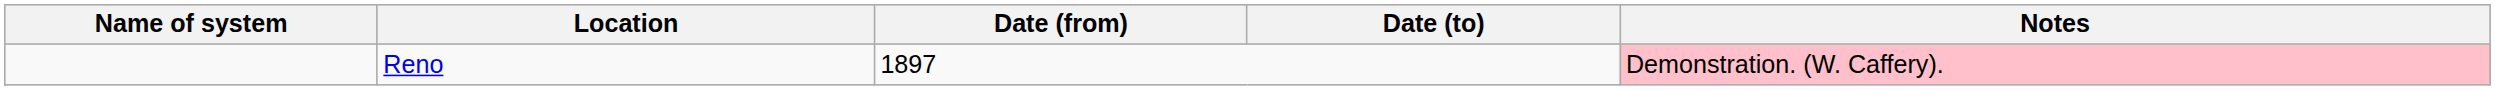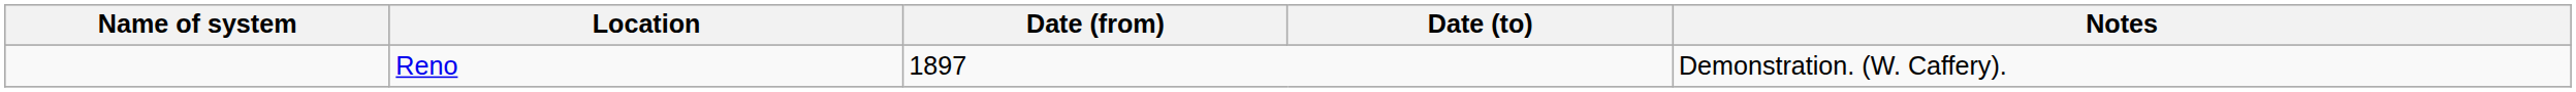 <table class="wikitable" width=100%>
 <tr>
 <th width=15%>Name of system</th>
 <th width=20%>Location</th>
 <th width=15%>Date (from)</th>
 <th width=15%>Date (to)</th>
 <th width=35%>Notes</th>
 </tr>
 <tr>
 <td> </td>
 <td><a href='#'>Reno</a></td>
 <td colspan=2>1897</td>
-<td style="background: pink;">Demonstration. (W. Caffery).</td>
+<td>Demonstration. (W. Caffery).</td>
 </tr>
 </table>
